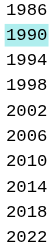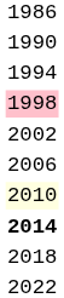 <table>
 <tr>
 <td>1986<br></td>
 <td></td>
 <td></td>
 <td></td>
 </tr>
 <tr>
-<td style="background: paleturquoise;">1990<br></td>
+<td>1990<br></td>
 <td></td>
 <td></td>
 <td></td>
 </tr>
 <tr>
 <td>1994<br></td>
 <td></td>
 <td></td>
 <td><br></td>
 </tr>
 <tr>
-<td>1998<br></td>
+<td style="background: pink;">1998<br></td>
 <td></td>
 <td></td>
 <td><br></td>
 </tr>
 <tr>
 <td rowspan=2>2002<br></td>
 <td rowspan=2></td>
 <td rowspan=2></td>
 <td></td>
 </tr>
 <tr>
 <td></td>
 </tr>
 <tr>
 <td>2006<br></td>
 <td></td>
 <td></td>
 <td></td>
 </tr>
 <tr>
-<td>2010<br></td>
+<td style="background: lightyellow;">2010<br></td>
 <td></td>
 <td></td>
 <td></td>
 </tr>
 <tr>
-<td>2014<br></td>
+<td><strong>2014<br></strong></td>
 <td></td>
 <td></td>
 <td></td>
 </tr>
 <tr>
 <td>2018<br></td>
 <td></td>
 <td></td>
 <td></td>
 </tr>
 <tr>
 <td>2022<br></td>
 <td></td>
 <td></td>
 <td></td>
 </tr>
 </table>
